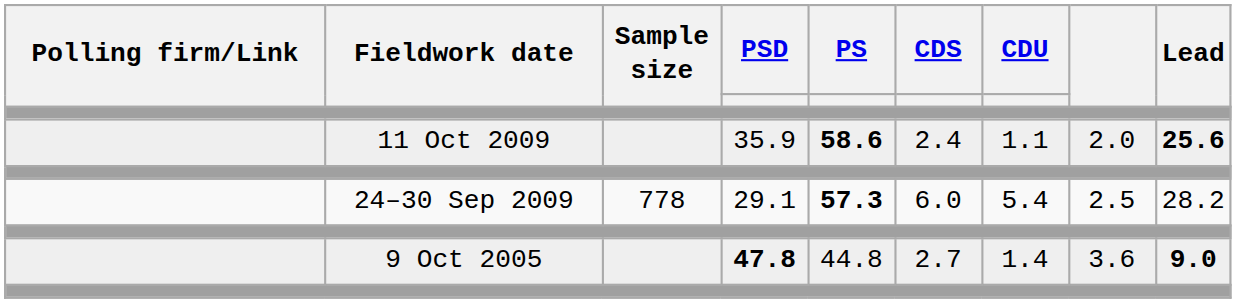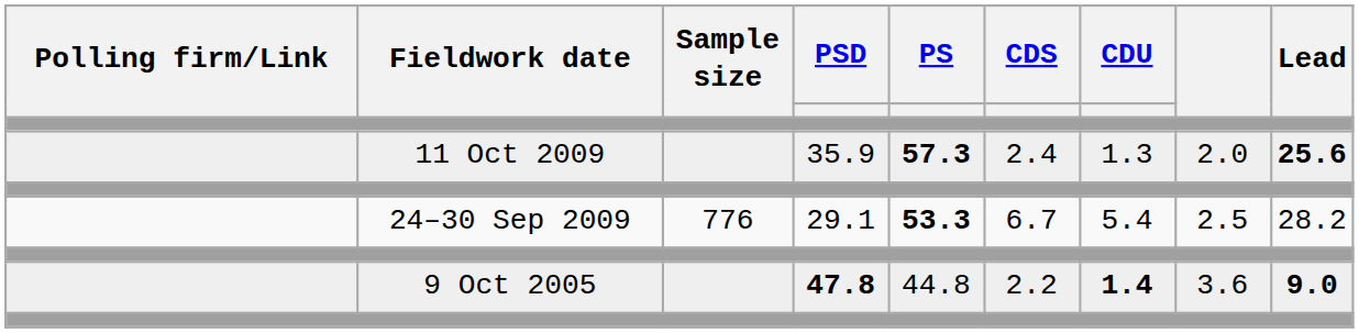 <table class="wikitable collapsible sortable" style="text-align:center; font-size:95%; line-height:16px;">
 <tr style="height:42px;">
 <th style="width:145px;" rowspan="2">Polling firm/Link</th>
 <th style="width:125px;" rowspan="2">Fieldwork date</th>
 <th class="unsortable" style="width:50px;" rowspan="2">Sample size</th>
 <th class="unsortable" style="width:35px;"><a href='#'>PSD</a></th>
 <th class="unsortable" style="width:35px;"><a href='#'>PS</a></th>
 <th class="unsortable" style="width:35px;"><a href='#'>CDS</a></th>
 <th class="unsortable" style="width:35px;"><a href='#'>CDU</a></th>
 <th class="unsortable" style="width:35px;" rowspan="2"></th>
 <th class="unsortable" style="width:30px;" rowspan="2">Lead</th>
 </tr>
 <tr>
 <th class="unsortable" style="color:inherit;background:"></th>
 <th class="unsortable" style="color:inherit;background:"></th>
 <th class="unsortable" style="color:inherit;background:"></th>
 <th class="unsortable" style="color:inherit;background:"></th>
 </tr>
 <tr>
 <td colspan="10" style="background:#A0A0A0"></td>
 </tr>
 <tr style="background:#EFEFEF;">
 <td><strong></strong></td>
 <td data-sort-value="2019-10-06">11 Oct 2009</td>
 <td></td>
 <td>35.9<br></td>
-<td><strong>58.6</strong><br></td>
+<td><strong>57.3</strong><br></td>
 <td>2.4<br></td>
-<td>1.1<br></td>
+<td>1.3<br></td>
 <td>2.0</td>
 <td style="background:"><strong>25.6</strong></td>
 </tr>
 <tr>
 <td colspan="10" style="background:#A0A0A0"></td>
 </tr>
 <tr>
 <td align="center"></td>
 <td align="center">24–30 Sep 2009</td>
-<td>778</td>
+<td>776</td>
 <td align="center">29.1<br></td>
-<td align="center" ><strong>57.3</strong><br></td>
-<td align="center">6.0<br></td>
+<td align="center" ><strong>53.3</strong><br></td>
+<td align="center">6.7<br></td>
 <td align="center">5.4<br></td>
 <td align="center">2.5</td>
 <td style="background:">28.2</td>
 </tr>
 <tr>
 <td colspan="10" style="background:#A0A0A0"></td>
 </tr>
 <tr style="background:#EFEFEF;">
 <td><strong></strong></td>
 <td data-sort-value="2019-10-06">9 Oct 2005</td>
 <td></td>
 <td><strong>47.8</strong><br></td>
 <td>44.8<br></td>
-<td>2.7<br></td>
-<td>1.4<br></td>
+<td>2.2<br></td>
+<td><strong>1.4<br></strong></td>
 <td>3.6<br></td>
 <td style="background:"><strong>9.0</strong></td>
 </tr>
 <tr>
 <td colspan="10" style="background:#A0A0A0"></td>
 </tr>
 <tr>
 </tr>
 </table>
